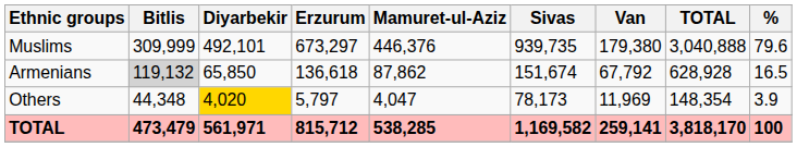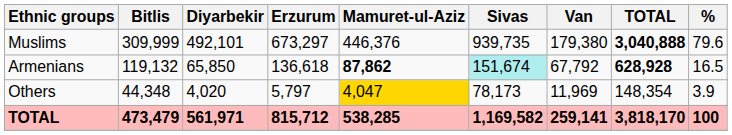 <table class="wikitable">
 <tr>
 <th>Ethnic groups</th>
 <th>Bitlis</th>
 <th>Diyarbekir</th>
 <th>Erzurum</th>
 <th>Mamuret-ul-Aziz</th>
 <th>Sivas</th>
 <th>Van</th>
 <th>TOTAL</th>
 <th>%</th>
 </tr>
 <tr>
 <td>Muslims</td>
 <td>309,999</td>
 <td>492,101</td>
 <td>673,297</td>
 <td>446,376</td>
 <td>939,735</td>
 <td>179,380</td>
-<td>3,040,888</td>
+<td><strong>3,040,888</strong></td>
 <td>79.6</td>
 </tr>
 <tr>
 <td>Armenians</td>
-<td style="background: lightgrey;">119,132</td>
+<td>119,132</td>
 <td>65,850</td>
 <td>136,618</td>
-<td>87,862</td>
-<td>151,674</td>
+<td><strong>87,862</strong></td>
+<td style="background: paleturquoise;">151,674</td>
 <td>67,792</td>
-<td>628,928</td>
+<td><strong>628,928</strong></td>
 <td>16.5</td>
 </tr>
 <tr>
 <td>Others</td>
 <td>44,348</td>
-<td style="background: gold;">4,020</td>
+<td>4,020</td>
 <td>5,797</td>
-<td>4,047</td>
+<td style="background: gold;">4,047</td>
 <td>78,173</td>
 <td>11,969</td>
 <td>148,354</td>
 <td>3.9</td>
 </tr>
 <tr>
 </tr>
 <tr bgcolor="#FFBBBB">
 <td><strong>TOTAL</strong></td>
 <td><strong>473,479</strong></td>
 <td><strong>561,971</strong></td>
 <td><strong>815,712</strong></td>
 <td><strong>538,285</strong></td>
 <td><strong>1,169,582</strong></td>
 <td><strong>259,141</strong></td>
 <td><strong>3,818,170</strong></td>
 <td><strong>100</strong></td>
 </tr>
 <tr>
 </tr>
 </table>
